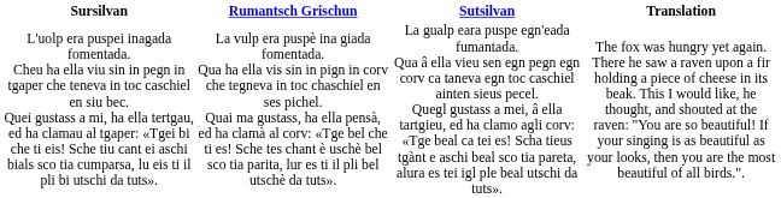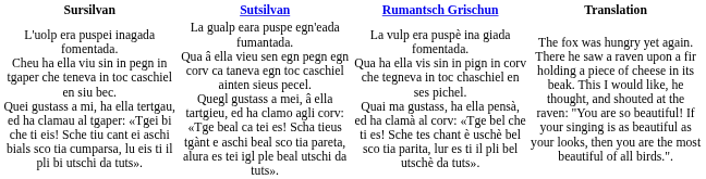 <table border="0" style="width:100%; font-family:serif; font-size:100%; text-align:center;">
 <tr>
 <th style="width:12.5%;">Sursilvan<br></th>
+<th style="width:12.5%;"><a href='#'>Sutsilvan</a><br></th>
 <th style="width:12.5%;"><a href='#'>Rumantsch Grischun</a><br></th>
-<th style="width:12.5%;"><a href='#'>Sutsilvan</a><br></th>
 <th style="width:12.5%;">Translation</th>
 </tr>
 <tr>
 <td>L'uolp era puspei inagada fomentada.<br>Cheu ha ella viu sin in pegn in tgaper che teneva in toc caschiel en siu bec.<br>Quei gustass a mi, ha ella tertgau, ed ha clamau al tgaper: «Tgei bi che ti eis! Sche tiu cant ei aschi bials sco tia cumparsa, lu eis ti il pli bi utschi da tuts».</td>
+<td>La gualp eara puspe egn'eada fumantada.<br>Qua â ella vieu sen egn pegn egn corv ca taneva egn toc caschiel ainten sieus pecel.<br>Quegl gustass a mei, â ella tartgieu, ed ha clamo agli corv: «Tge beal ca tei es! Scha tieus tgànt e aschi beal sco tia pareta, alura es tei igl ple beal utschi da tuts».</td>
 <td>La vulp era puspè ina giada fomentada.<br>Qua ha ella vis sin in pign in corv che tegneva in toc chaschiel en ses pichel.<br>Quai ma gustass, ha ella pensà, ed ha clamà al corv: «Tge bel che ti es! Sche tes chant è uschè bel sco tia parita, lur es ti il pli bel utschè da tuts».</td>
-<td>La gualp eara puspe egn'eada fumantada.<br>Qua â ella vieu sen egn pegn egn corv ca taneva egn toc caschiel ainten sieus pecel.<br>Quegl gustass a mei, â ella tartgieu, ed ha clamo agli corv: «Tge beal ca tei es! Scha tieus tgànt e aschi beal sco tia pareta, alura es tei igl ple beal utschi da tuts».</td>
 <td>The fox was hungry yet again. There he saw a raven upon a fir holding a piece of cheese in its beak. This I would like, he thought, and shouted at the raven: "You are so beautiful! If your singing is as beautiful as your looks, then you are the most beautiful of all birds.".</td>
 </tr>
 </table>
